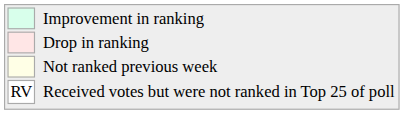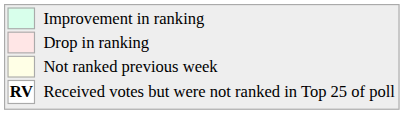 <table style="font-size:90%; border:1px solid #aaaaaa; white-space:nowrap; background:#eeeeee;">
 <tr>
 <td style="background:#d8ffeb; width:20px; border:1px solid #aaaaaa;"></td>
 <td rowspan=5></td>
 <td>Improvement in ranking</td>
 </tr>
 <tr>
 <td style="background:#ffe6e6; width:20px; border:1px solid #aaaaaa;"></td>
 <td>Drop in ranking</td>
 </tr>
 <tr>
 <td style="background:#ffffe6; width:20px; border:1px solid #aaaaaa;"></td>
 <td>Not ranked previous week</td>
 </tr>
 <tr>
-<td align=center style="width:20px; border:1px solid #aaaaaa; background:white;">RV</td>
+<td align=center style="width:20px; border:1px solid #aaaaaa; background:white;"><strong>RV</strong></td>
 <td>Received votes but were not ranked in Top 25 of poll</td>
 </tr>
 <tr>
 </tr>
 </table>
